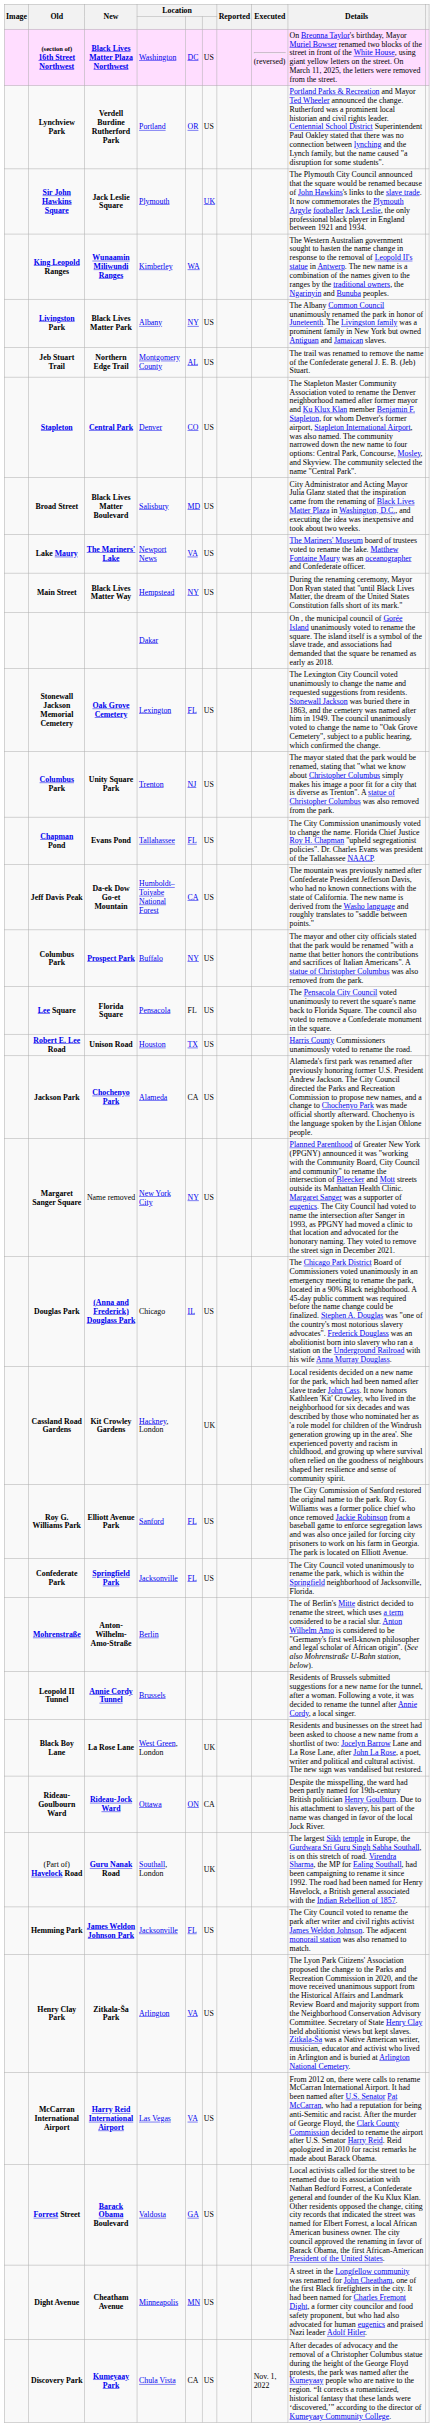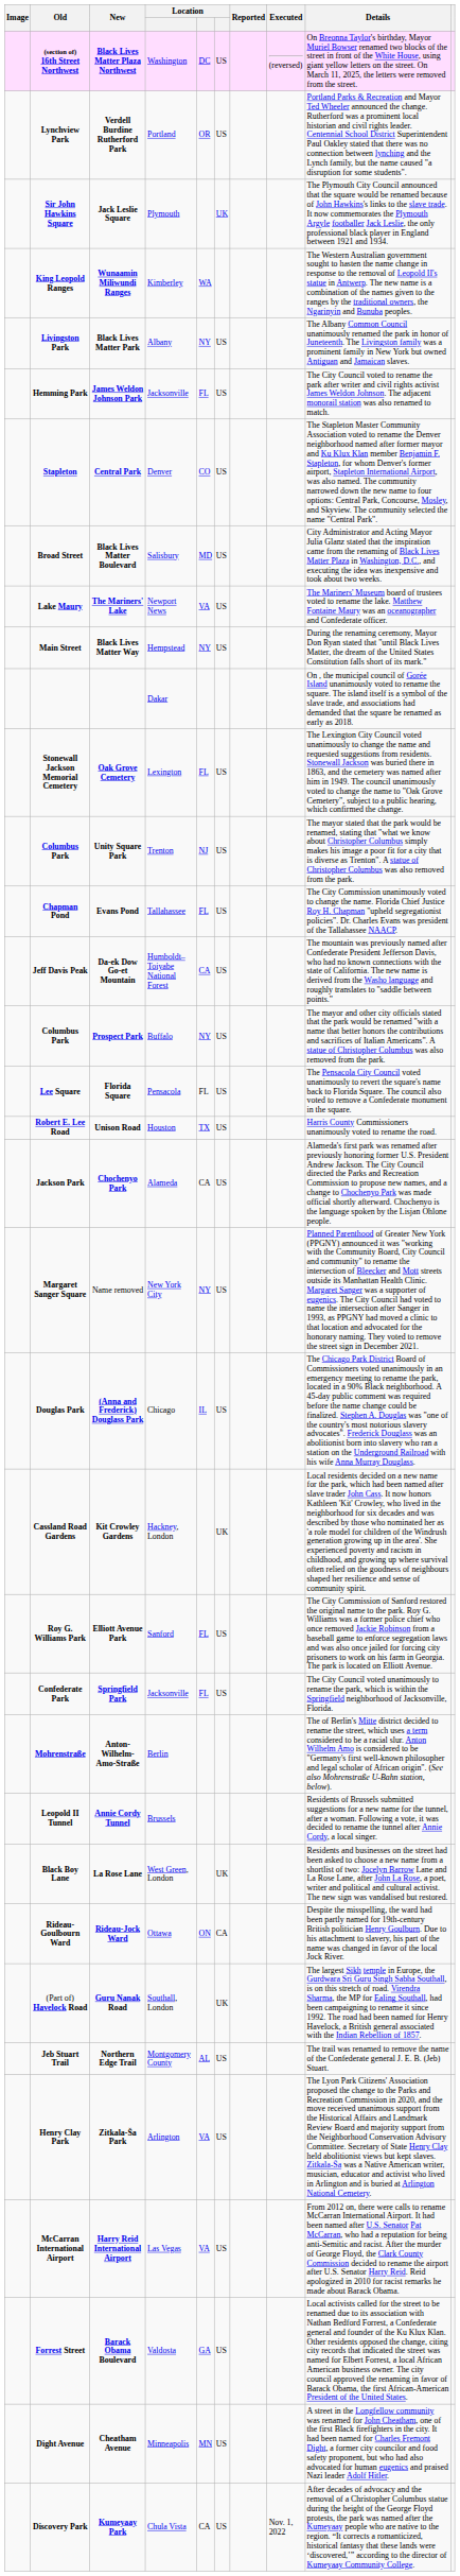 <table class="wikitable sortable sort-under" style="text-align:left">
 <tr>
 <th class="unsortable" rowspan=2>Image</th>
 <th rowspan=2>Old</th>
 <th rowspan=2>New</th>
 <th colspan=3>Location</th>
 <th rowspan=2>Reported </th>
 <th rowspan=2>Executed</th>
 <th class="unsortable" rowspan=2>Details</th>
 <th class="unsortable" rowspan=2></th>
 </tr>
 <tr>
 <th>  </th>
 <th>  </th>
 <th>  </th>
 </tr>
 <tr style="background:#fdf;">
 <td></td>
 <td style="text-align: center"><strong><small>(section of)</small><br><a href='#'>16th Street Northwest</a></strong></td>
 <td style="text-align: center"><strong><a href='#'>Black Lives Matter Plaza Northwest</a></strong></td>
 <td><a href='#'>Washington</a></td>
 <td data-sort-value="US-DC"><a href='#'>DC</a></td>
 <td>US</td>
 <td></td>
 <td><hr> (reversed)</td>
 <td>On <a href='#'>Breonna Taylor</a>'s birthday, Mayor <a href='#'>Muriel Bowser</a> renamed two blocks of the street in front of the <a href='#'>White House</a>, using giant yellow letters on the street. On March 11, 2025, the letters were removed from the street.</td>
 <td><br></td>
 </tr>
 <tr>
 <td></td>
 <td style="text-align: center"><strong>Lynchview Park</strong></td>
 <td style="text-align: center"><strong>Verdell Burdine Rutherford Park</strong></td>
 <td><a href='#'>Portland</a></td>
 <td data-sort-value="US-OR"><a href='#'>OR</a></td>
 <td>US</td>
 <td></td>
 <td></td>
 <td><a href='#'>Portland Parks & Recreation</a> and Mayor <a href='#'>Ted Wheeler</a> announced the change. Rutherford was a prominent local historian and civil rights leader. <a href='#'>Centennial School District</a> Superintendent Paul Oakley stated that there was no connection between <a href='#'>lynching</a> and the Lynch family, but the name caused "a disruption for some students".</td>
 <td><br></td>
 </tr>
 <tr>
 <td></td>
 <td style="text-align: center"><strong><a href='#'>Sir John Hawkins Square</a></strong></td>
 <td style="text-align: center"><strong>Jack Leslie Square</strong></td>
 <td><a href='#'>Plymouth</a></td>
 <td data-sort-value="GB-ENG"></td>
 <td><a href='#'>UK</a></td>
 <td></td>
 <td></td>
 <td>The Plymouth City Council announced that the square would be renamed because of <a href='#'>John Hawkins</a>'s links to the <a href='#'>slave trade</a>. It now commemorates the <a href='#'>Plymouth Argyle</a> <a href='#'>footballer</a> <a href='#'>Jack Leslie</a>, the only professional black player in England between 1921 and 1934.</td>
 <td><br><br></td>
 </tr>
 <tr>
 <td></td>
 <td style="text-align: center"><strong><a href='#'>King Leopold</a> Ranges</strong></td>
 <td style="text-align: center"><strong><a href='#'>Wunaamin Miliwundi Ranges</a></strong></td>
 <td><a href='#'>Kimberley</a></td>
 <td data-sort-value="AU-WA"><a href='#'>WA</a></td>
 <td></td>
 <td></td>
 <td></td>
 <td>The Western Australian government sought to hasten the name change in response to the removal of <a href='#'>Leopold II's statue</a> in <a href='#'>Antwerp</a>. The new name is a combination of the names given to the ranges by the <a href='#'>traditional owners</a>, the <a href='#'>Ngarinyin</a> and <a href='#'>Bunuba</a> peoples.</td>
 <td><br><br></td>
 </tr>
 <tr>
 <td></td>
 <td style="text-align: center"><strong><a href='#'>Livingston</a> Park</strong></td>
 <td style="text-align: center"><strong>Black Lives Matter Park</strong></td>
 <td><a href='#'>Albany</a></td>
 <td data-sort-value="US-NY"><a href='#'>NY</a></td>
 <td>US</td>
 <td></td>
 <td> </td>
 <td>The Albany <a href='#'>Common Council</a> unanimously renamed the park in honor of <a href='#'>Juneteenth</a>. The <a href='#'>Livingston family</a> was a prominent family in New York but owned <a href='#'>Antiguan</a> and <a href='#'>Jamaican</a> slaves.</td>
 <td><br></td>
 </tr>
 <tr>
 <td></td>
-<td style="text-align: center"><strong>Jeb Stuart Trail</strong></td>
-<td style="text-align: center"><strong>Northern Edge Trail</strong></td>
-<td><a href='#'>Montgomery County</a></td>
-<td data-sort-value="US-DC"><a href='#'>AL</a></td>
+<td style="text-align: center"><strong>Hemming Park</strong></td>
+<td style="text-align: center"><strong><a href='#'>James Weldon Johnson Park</a></strong></td>
+<td><a href='#'>Jacksonville</a></td>
+<td data-sort-value="US-FL"><a href='#'>FL</a></td>
 <td>US</td>
 <td></td>
 <td></td>
-<td>The trail was renamed to remove the name of the Confederate general J. E. B. (Jeb) Stuart.</td>
+<td>The City Council voted to rename the park after writer and civil rights activist <a href='#'>James Weldon Johnson</a>. The adjacent <a href='#'>monorail station</a> was also renamed to match.</td>
 <td></td>
 </tr>
 <tr>
 <td></td>
 <td style="text-align: center"><strong><a href='#'>Stapleton</a></strong></td>
 <td style="text-align: center"><strong><a href='#'>Central Park</a></strong></td>
 <td><a href='#'>Denver</a></td>
 <td data-sort-value="US-CO"><a href='#'>CO</a></td>
 <td>US</td>
 <td></td>
 <td></td>
 <td>The Stapleton Master Community Association voted to rename the Denver neighborhood named after former mayor and <a href='#'>Ku Klux Klan</a> member <a href='#'>Benjamin F. Stapleton</a>, for whom Denver's former airport, <a href='#'>Stapleton International Airport</a>, was also named. The community narrowed down the new name to four options: Central Park, Concourse, <a href='#'>Mosley</a>, and Skyview. The community selected the name "Central Park".</td>
 <td><br><br><br><br></td>
 </tr>
 <tr>
 <td></td>
 <td style="text-align: center"><strong>Broad Street</strong></td>
 <td style="text-align: center"><strong>Black Lives Matter Boulevard</strong></td>
 <td><a href='#'>Salisbury</a></td>
 <td data-sort-value="US-MD"><a href='#'>MD</a></td>
 <td>US</td>
 <td></td>
 <td></td>
 <td>City Administrator and Acting Mayor Julia Glanz stated that the inspiration came from the renaming of <a href='#'>Black Lives Matter Plaza</a> in <a href='#'>Washington, D.C.</a>, and executing the idea was inexpensive and took about two weeks.</td>
 <td><br><br></td>
 </tr>
 <tr>
 <td></td>
 <td style="text-align: center"><strong>Lake <a href='#'>Maury</a></strong></td>
 <td style="text-align: center"><strong><a href='#'>The Mariners' Lake</a></strong></td>
 <td><a href='#'>Newport News</a></td>
 <td data-sort-value="US-VA"><a href='#'>VA</a></td>
 <td>US</td>
 <td></td>
 <td></td>
 <td><a href='#'>The Mariners' Museum</a> board of trustees voted to rename the lake. <a href='#'>Matthew Fontaine Maury</a> was an <a href='#'>oceanographer</a> and Confederate officer.</td>
 <td><br></td>
 </tr>
 <tr>
 <td></td>
 <td style="text-align: center"><strong>Main Street</strong></td>
 <td style="text-align: center"><strong>Black Lives Matter Way</strong></td>
 <td><a href='#'>Hempstead</a></td>
 <td data-sort-value="US-NY"><a href='#'>NY</a></td>
 <td>US</td>
 <td></td>
 <td></td>
 <td>During the renaming ceremony, Mayor Don Ryan stated that "until Black Lives Matter, the dream of the United States Constitution falls short of its mark."</td>
 <td><br><br></td>
 </tr>
 <tr>
 <td></td>
 <td style="text-align: center"><strong></strong></td>
 <td style="text-align: center"><strong></strong></td>
 <td><a href='#'>Dakar</a></td>
 <td data-sort-value="SN-DK"></td>
 <td></td>
 <td></td>
 <td></td>
 <td>On , the municipal council of <a href='#'>Gorée Island</a> unanimously voted to rename the square. The island itself is a symbol of the slave trade, and associations had demanded that the square be renamed as early as 2018.</td>
 <td><br><br><br></td>
 </tr>
 <tr>
 <td></td>
 <td style="text-align: center"><strong>Stonewall Jackson Memorial Cemetery</strong></td>
 <td style="text-align: center"><strong><a href='#'>Oak Grove Cemetery</a></strong></td>
 <td><a href='#'>Lexington</a></td>
 <td data-sort-value="US-FL"><a href='#'>FL</a></td>
 <td>US</td>
 <td> </td>
 <td></td>
 <td>The Lexington City Council voted unanimously to change the name and requested suggestions from residents. <a href='#'>Stonewall Jackson</a> was buried there in 1863, and the cemetery was named after him in 1949. The council unanimously voted to change the name to "Oak Grove Cemetery", subject to a public hearing, which confirmed the change.</td>
 <td><br><br><br><br></td>
 </tr>
 <tr>
 <td></td>
 <td style="text-align: center"><strong><a href='#'>Columbus</a> Park</strong></td>
 <td style="text-align: center"><strong>Unity Square Park</strong></td>
 <td><a href='#'>Trenton</a></td>
 <td data-sort-value="US-NJ"><a href='#'>NJ</a></td>
 <td>US</td>
 <td></td>
 <td></td>
 <td>The mayor stated that the park would be renamed, stating that "what we know about <a href='#'>Christopher Columbus</a> simply makes his image a poor fit for a city that is diverse as Trenton". A <a href='#'>statue of Christopher Columbus</a> was also removed from the park.</td>
 <td><br></td>
 </tr>
 <tr>
 <td></td>
 <td style="text-align: center"><strong><a href='#'>Chapman</a> Pond</strong></td>
 <td style="text-align: center"><strong>Evans Pond</strong></td>
 <td><a href='#'>Tallahassee</a></td>
 <td data-sort-value="US-FL"><a href='#'>FL</a></td>
 <td>US</td>
 <td></td>
 <td></td>
 <td>The City Commission unanimously voted to change the name. Florida Chief Justice <a href='#'>Roy H. Chapman</a> "upheld segregationist policies". Dr. Charles Evans was president of the Tallahassee <a href='#'>NAACP</a>.</td>
 <td><br><br><br></td>
 </tr>
 <tr>
 <td></td>
 <td style="text-align: center"><strong>Jeff Davis Peak</strong></td>
 <td style="text-align: center"><strong>Da-ek Dow Go-et Mountain</strong></td>
 <td><a href='#'>Humboldt–Toiyabe National Forest</a></td>
 <td data-sort-value="US-DC"><a href='#'>CA</a></td>
 <td>US</td>
 <td></td>
 <td></td>
 <td>The mountain was previously named after Confederate President Jefferson Davis, who had no known connections with the state of California. The new name is derived from the <a href='#'>Washo language</a> and roughly translates to "saddle between points."</td>
 <td></td>
 </tr>
 <tr>
 <td> </td>
 <td style="text-align: center"><strong>Columbus Park</strong></td>
 <td style="text-align: center"><strong><a href='#'>Prospect Park</a></strong></td>
 <td><a href='#'>Buffalo</a></td>
 <td data-sort-value="US-NY"><a href='#'>NY</a></td>
 <td>US</td>
 <td></td>
 <td></td>
 <td>The mayor and other city officials stated that the park would be renamed "with a name that better honors the contributions and sacrifices of Italian Americans". A <a href='#'>statue of Christopher Columbus</a> was also removed from the park.</td>
 <td><br></td>
 </tr>
 <tr>
 <td></td>
 <td style="text-align: center"><strong><a href='#'>Lee</a> Square</strong></td>
 <td style="text-align: center"><strong>Florida Square</strong></td>
 <td><a href='#'>Pensacola</a></td>
 <td>FL</td>
 <td>US</td>
 <td></td>
 <td></td>
 <td>The <a href='#'>Pensacola City Council</a> voted unanimously to revert the square's name back to Florida Square. The council also voted to remove a Confederate monument in the square.</td>
 <td><br><br></td>
 </tr>
 <tr>
 <td></td>
 <td style="text-align: center"><strong><a href='#'>Robert E. Lee</a> Road</strong></td>
 <td style="text-align: center"><strong>Unison Road</strong></td>
 <td><a href='#'>Houston</a></td>
 <td data-sort-value="US-TX"><a href='#'>TX</a></td>
 <td>US</td>
 <td></td>
 <td></td>
 <td><a href='#'>Harris County</a> Commissioners unanimously voted to rename the road.</td>
 <td><br></td>
 </tr>
 <tr>
 <td></td>
 <td style="text-align: center"><strong>Jackson Park</strong></td>
 <td style="text-align: center"><strong><a href='#'>Chochenyo Park</a></strong></td>
 <td><a href='#'>Alameda</a></td>
 <td>CA</td>
 <td>US</td>
 <td></td>
 <td></td>
 <td>Alameda's first park was renamed after previously honoring former U.S. President Andrew Jackson. The City Council directed the Parks and Recreation Commission to propose new names, and a change to <a href='#'>Chochenyo Park</a> was made official shortly afterward. Chochenyo is the language spoken by the Lisjan Ohlone people.</td>
 <td></td>
 </tr>
 <tr>
 <td></td>
 <td style="text-align: center"><strong>Margaret Sanger Square</strong></td>
 <td style="text-align: center">Name removed</td>
 <td><a href='#'>New York City</a></td>
 <td><a href='#'>NY</a></td>
 <td>US</td>
 <td></td>
 <td></td>
 <td><a href='#'>Planned Parenthood</a> of Greater New York (PPGNY) announced it was "working with the Community Board, City Council and community" to rename the intersection of <a href='#'>Bleecker</a> and <a href='#'>Mott</a> streets outside its Manhattan Health Clinic. <a href='#'>Margaret Sanger</a> was a supporter of <a href='#'>eugenics</a>. The City Council had voted to name the intersection after Sanger in 1993, as PPGNY had moved a clinic to that location and advocated for the honorary naming. They voted to remove the street sign in December 2021.</td>
 <td><br><br><br><br></td>
 </tr>
 <tr>
 <td></td>
 <td style="text-align: center"><strong>Douglas Park</strong></td>
 <td style="text-align: center"><strong><a href='#'>(Anna and Frederick) Douglass Park</a></strong></td>
 <td>Chicago</td>
 <td data-sort-value="US-IL"><a href='#'>IL</a></td>
 <td>US</td>
 <td></td>
 <td></td>
 <td>The <a href='#'>Chicago Park District</a> Board of Commissioners voted unanimously in an emergency meeting to rename the park, located in a 90% Black neighborhood. A 45-day public comment was required before the name change could be finalized. <a href='#'>Stephen A. Douglas</a> was "one of the country's most notorious slavery advocates".  <a href='#'>Frederick Douglass</a> was an abolitionist born into slavery who ran a station on the <a href='#'>Underground Railroad</a> with his wife <a href='#'>Anna Murray Douglass</a>.</td>
 <td><br><br><br><br></td>
 </tr>
 <tr>
 <td></td>
 <td style="text-align: center"><strong>Cassland Road Gardens</strong></td>
 <td style="text-align: center"><strong>Kit Crowley Gardens</strong></td>
 <td><a href='#'>Hackney</a>, London</td>
 <td data-sort-value="UK-ENG"></td>
 <td>UK</td>
 <td> </td>
 <td></td>
 <td>Local residents decided on a new name for the park, which had been named after slave trader <a href='#'>John Cass</a>. It now honors Kathleen 'Kit' Crowley, who lived in the neighborhood for six decades and was described by those who nominated her as 'a role model for children of the Windrush generation growing up in the area'. She experienced poverty and racism in childhood, and growing up where survival often relied on the goodness of neighbours shaped her resilience and sense of community spirit.</td>
 <td></td>
 </tr>
 <tr>
 <td></td>
 <td style="text-align: center"><strong>Roy G. Williams Park</strong></td>
 <td style="text-align: center"><strong>Elliott Avenue Park</strong></td>
 <td><a href='#'>Sanford</a></td>
 <td data-sort-value="US-FL"><a href='#'>FL</a></td>
 <td>US</td>
 <td></td>
 <td> </td>
 <td>The City Commission of Sanford restored the original name to the park.  Roy G. Williams was a former police chief who once removed <a href='#'>Jackie Robinson</a> from a baseball game to enforce segregation laws and was also once jailed for forcing city prisoners to work on his farm in Georgia. The park is located on Elliott Avenue.</td>
 <td><br><br></td>
 </tr>
 <tr>
 <td></td>
 <td style="text-align: center"><strong>Confederate Park</strong></td>
 <td style="text-align: center"><strong><a href='#'>Springfield Park</a></strong></td>
 <td><a href='#'>Jacksonville</a></td>
 <td data-sort-value="US-FL"><a href='#'>FL</a></td>
 <td>US</td>
 <td></td>
 <td></td>
 <td>The City Council voted unanimously to rename the park, which is within the <a href='#'>Springfield</a> neighborhood of Jacksonville, Florida.</td>
 <td></td>
 </tr>
 <tr>
 <td></td>
 <td style="text-align: center"><strong><a href='#'>Mohrenstraße</a></strong></td>
 <td style="text-align: center"><strong>Anton-Wilhelm-Amo-Straße</strong></td>
 <td><a href='#'>Berlin</a></td>
 <td data-sort-value="DE-BE"></td>
 <td></td>
 <td></td>
 <td> </td>
 <td>The  of Berlin's <a href='#'>Mitte</a> district decided to rename the street, which uses <a href='#'>a term</a> considered to be a racial slur.  <a href='#'>Anton Wilhelm Amo</a> is considered to be "Germany's first well-known philosopher and legal scholar of African origin". (<em>See also Mohrenstraße U-Bahn station, below</em>).</td>
 <td><br><br><br></td>
 </tr>
 <tr>
 <td></td>
 <td style="text-align: center"><strong>Leopold II Tunnel</strong></td>
 <td style="text-align: center"><strong><a href='#'>Annie Cordy Tunnel</a></strong></td>
 <td><a href='#'>Brussels</a></td>
 <td data-sort-value="BE-BRU"></td>
 <td></td>
 <td></td>
 <td></td>
 <td>Residents of Brussels submitted suggestions for a new name for the tunnel, after a woman. Following a vote, it was decided to rename the tunnel after <a href='#'>Annie Cordy</a>, a local singer.</td>
 <td><br><br></td>
 </tr>
 <tr>
 <td></td>
 <td style="text-align: center"><strong>Black Boy Lane</strong></td>
 <td style="text-align: center"><strong>La Rose Lane</strong></td>
 <td><a href='#'>West Green</a>, London</td>
 <td data-sort-value="UK-ENG"></td>
 <td>UK</td>
 <td></td>
 <td></td>
 <td>Residents and businesses on the street had been asked to choose a new name from a shortlist of two: <a href='#'>Jocelyn Barrow</a> Lane and La Rose Lane, after <a href='#'>John La Rose</a>, a poet, writer and political and cultural activist. The new sign was vandalised but restored.</td>
 <td><br><br></td>
 </tr>
 <tr>
 <td></td>
 <td style="text-align: center"><strong>Rideau-Goulbourn Ward</strong></td>
 <td style="text-align: center"><strong><a href='#'>Rideau-Jock Ward</a></strong></td>
 <td><a href='#'>Ottawa</a></td>
 <td><a href='#'>ON</a></td>
 <td>CA</td>
 <td></td>
 <td></td>
 <td>Despite the misspelling, the ward had been partly named for 19th-century British politician <a href='#'>Henry Goulburn</a>. Due to his attachment to slavery, his part of the name was changed in favor of the local Jock River.</td>
 <td></td>
 </tr>
 <tr>
 <td></td>
 <td style="text-align: center">(Part of) <strong><a href='#'>Havelock</a> Road</strong></td>
 <td style="text-align: center"><strong><a href='#'>Guru Nanak</a> Road</strong></td>
 <td><a href='#'>Southall</a>, London</td>
 <td data-sort-value="UK-ENG"></td>
 <td>UK</td>
 <td></td>
 <td></td>
 <td>The largest <a href='#'>Sikh</a> <a href='#'>temple</a> in Europe, the <a href='#'>Gurdwara Sri Guru Singh Sabha Southall</a>, is on this stretch of road. <a href='#'>Virendra Sharma</a>, the MP for <a href='#'>Ealing Southall</a>, had been campaigning to rename it since 1992. The road had been named for Henry Havelock, a British general associated with the <a href='#'>Indian Rebellion of 1857</a>.</td>
 <td><br></td>
 </tr>
 <tr>
 <td></td>
-<td style="text-align: center"><strong>Hemming Park</strong></td>
-<td style="text-align: center"><strong><a href='#'>James Weldon Johnson Park</a></strong></td>
-<td><a href='#'>Jacksonville</a></td>
-<td data-sort-value="US-FL"><a href='#'>FL</a></td>
+<td style="text-align: center"><strong>Jeb Stuart Trail</strong></td>
+<td style="text-align: center"><strong>Northern Edge Trail</strong></td>
+<td><a href='#'>Montgomery County</a></td>
+<td data-sort-value="US-DC"><a href='#'>AL</a></td>
 <td>US</td>
 <td></td>
 <td></td>
-<td>The City Council voted to rename the park after writer and civil rights activist <a href='#'>James Weldon Johnson</a>. The adjacent <a href='#'>monorail station</a> was also renamed to match.</td>
+<td>The trail was renamed to remove the name of the Confederate general J. E. B. (Jeb) Stuart.</td>
 <td></td>
 </tr>
 <tr>
 <td></td>
 <td style="text-align: center"><strong>Henry Clay Park</strong></td>
 <td style="text-align: center"><strong>Zitkala-Ša Park</strong></td>
 <td><a href='#'>Arlington</a></td>
 <td data-sort-value="US-DC"><a href='#'>VA</a></td>
 <td>US</td>
 <td></td>
 <td></td>
 <td>The Lyon Park Citizens' Association proposed the change to the Parks and Recreation Commission in 2020, and the move received unanimous support from the Historical Affairs and Landmark Review Board and majority support from the Neighborhood Conservation Advisory Committee. Secretary of State <a href='#'>Henry Clay</a> held abolitionist views but kept slaves. <a href='#'>Zitkala-Ša</a> was a Native American writer, musician, educator and activist who lived in Arlington and is buried at <a href='#'>Arlington National Cemetery</a>.</td>
 <td><br></td>
 </tr>
 <tr>
 <td></td>
 <td style="text-align: center"><strong>McCarran International Airport</strong></td>
 <td style="text-align: center"><strong><a href='#'>Harry Reid International Airport</a></strong></td>
 <td><a href='#'>Las Vegas</a></td>
 <td data-sort-value="US-VA"><a href='#'>VA</a></td>
 <td>US</td>
 <td></td>
 <td></td>
 <td>From 2012 on, there were calls to rename McCarran International Airport. It had been named after <a href='#'>U.S. Senator</a> <a href='#'>Pat McCarran</a>, who had a reputation for being anti-Semitic and racist. After the murder of George Floyd, the <a href='#'>Clark County Commission</a> decided to rename the airport after U.S. Senator <a href='#'>Harry Reid</a>. Reid apologized in 2010 for racist remarks he made about Barack Obama.</td>
 <td></td>
 </tr>
 <tr>
 <td></td>
 <td style="text-align: center"><strong><a href='#'>Forrest</a> Street</strong></td>
 <td style="text-align: center"><strong><a href='#'>Barack Obama</a> Boulevard</strong></td>
 <td><a href='#'>Valdosta</a></td>
 <td><a href='#'>GA</a></td>
 <td>US</td>
 <td></td>
 <td></td>
 <td>Local activists called for the street to be renamed due to its association with Nathan Bedford Forrest, a Confederate general and founder of the Ku Klux Klan. Other residents opposed the change, citing city records that indicated the street was named for Elbert Forrest, a local African American business owner. The city council approved the renaming in favor of Barack Obama, the first African-American <a href='#'>President of the United States</a>.</td>
 <td><br></td>
 </tr>
 <tr>
 <td></td>
 <td style="text-align: center"><strong>Dight Avenue</strong></td>
 <td style="text-align: center"><strong>Cheatham Avenue</strong></td>
 <td><a href='#'>Minneapolis</a></td>
 <td><a href='#'>MN</a></td>
 <td>US</td>
 <td></td>
 <td></td>
 <td>A street in the <a href='#'>Longfellow community</a> was renamed for <a href='#'>John Cheatham</a>, one of the first Black firefighters in the city. It had been named for <a href='#'>Charles Fremont Dight</a>, a former city councilor and food safety proponent, but who had also advocated for human <a href='#'>eugenics</a> and praised Nazi leader <a href='#'>Adolf Hitler</a>.</td>
 <td><br><br></td>
 </tr>
 <tr>
 <td></td>
 <td style="text-align: center"><strong>Discovery Park</strong></td>
 <td style="text-align: center"><strong><a href='#'>Kumeyaay Park</a></strong></td>
 <td><a href='#'>Chula Vista</a></td>
 <td>CA</td>
 <td>US</td>
 <td></td>
 <td>Nov. 1, 2022</td>
 <td>After decades of advocacy and the removal of a Christopher Columbus statue during the height of the George Floyd protests, the park was named after the <a href='#'>Kumeyaay</a> people who are native to the region. “It corrects a romanticized, historical fantasy that these lands were ‘discovered,’” according to the director of <a href='#'>Kumeyaay Community College</a>.</td>
 <td></td>
 </tr>
 </table>
